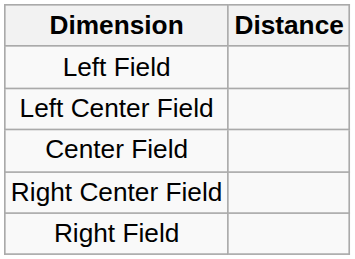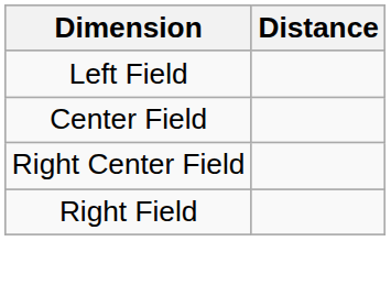 <table class="wikitable" style="text-align:center;">
 <tr>
 <th>Dimension</th>
 <th>Distance</th>
 </tr>
 <tr>
 <td>Left Field</td>
-<td align=left></td>
-</tr>
-<tr>
-<td>Left Center Field</td>
 <td align=left></td>
 </tr>
 <tr>
 <td>Center Field</td>
 <td align=left></td>
 </tr>
 <tr>
 <td>Right Center Field</td>
 <td align=left></td>
 </tr>
 <tr>
 <td>Right Field</td>
 <td align=left></td>
 </tr>
 </table>
